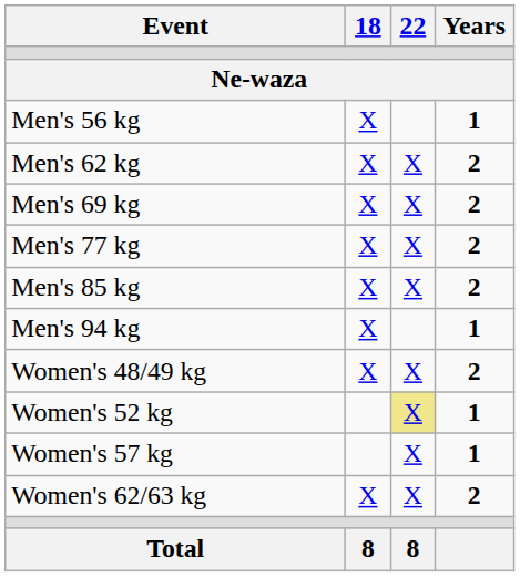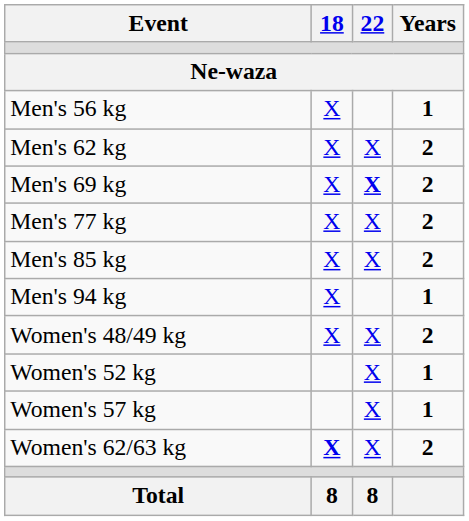 <table class=wikitable style="text-align:center">
 <tr>
 <th width="200">Event</th>
 <th width=20><a href='#'>18</a></th>
 <th width=20><a href='#'>22</a></th>
 <th width=40>Years</th>
 </tr>
 <tr bgcolor=#DDDDDD>
 <td colspan=4></td>
 </tr>
 <tr>
 <th colspan=4>Ne-waza</th>
 </tr>
 <tr>
 <td align=left>Men's 56 kg</td>
 <td><a href='#'>X</a></td>
 <td></td>
 <td><strong>1</strong></td>
 </tr>
 <tr>
 <td align=left>Men's 62 kg</td>
 <td><a href='#'>X</a></td>
 <td><a href='#'>X</a></td>
 <td><strong>2</strong></td>
 </tr>
 <tr>
 <td align=left>Men's 69 kg</td>
 <td><a href='#'>X</a></td>
-<td><a href='#'>X</a></td>
+<td><strong><a href='#'>X</a></strong></td>
 <td><strong>2</strong></td>
 </tr>
 <tr>
 <td align=left>Men's 77 kg</td>
 <td><a href='#'>X</a></td>
 <td><a href='#'>X</a></td>
 <td><strong>2</strong></td>
 </tr>
 <tr>
 <td align=left>Men's 85 kg</td>
 <td><a href='#'>X</a></td>
 <td><a href='#'>X</a></td>
 <td><strong>2</strong></td>
 </tr>
 <tr>
 <td align=left>Men's 94 kg</td>
 <td><a href='#'>X</a></td>
 <td></td>
 <td><strong>1</strong></td>
 </tr>
 <tr>
 <td align=left>Women's 48/49 kg</td>
 <td><a href='#'>X</a></td>
 <td><a href='#'>X</a></td>
 <td><strong>2</strong></td>
 </tr>
 <tr>
 <td align=left>Women's 52 kg</td>
 <td></td>
-<td style="background: khaki;"><a href='#'>X</a></td>
+<td><a href='#'>X</a></td>
 <td><strong>1</strong></td>
 </tr>
 <tr>
 <td align=left>Women's 57 kg</td>
 <td></td>
 <td><a href='#'>X</a></td>
 <td><strong>1</strong></td>
 </tr>
 <tr>
 <td align=left>Women's 62/63 kg</td>
-<td><a href='#'>X</a></td>
+<td><strong><a href='#'>X</a></strong></td>
 <td><a href='#'>X</a></td>
 <td><strong>2</strong></td>
 </tr>
 <tr bgcolor=#DDDDDD>
 <td colspan=4></td>
 </tr>
 <tr>
 <th>Total</th>
 <th>8</th>
 <th>8</th>
 <th></th>
 </tr>
 </table>
